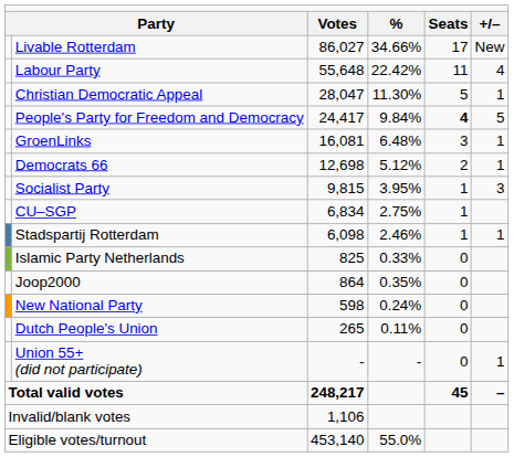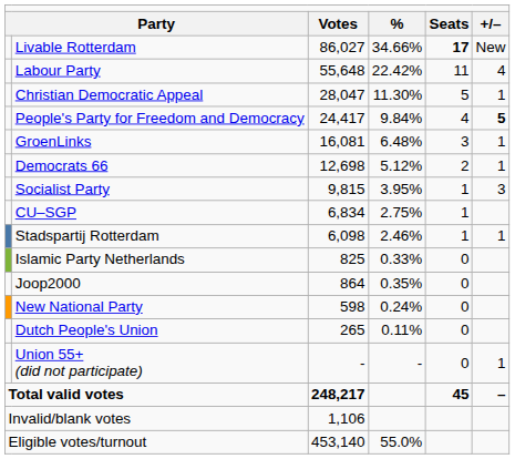 <table class="wikitable floatright" style="font-size:100%; text-align:right;">
 <tr>
 <td colspan="12" align="center"></td>
 </tr>
 <tr>
 <th colspan="2">Party</th>
 <th>Votes</th>
 <th>%</th>
 <th>Seats</th>
 <th>+/–</th>
 </tr>
 <tr>
 <td style="background:"></td>
 <td align="left"><a href='#'>Livable Rotterdam</a></td>
 <td>86,027</td>
 <td>34.66%</td>
-<td>17</td>
+<td><strong>17</strong></td>
 <td>New</td>
 </tr>
 <tr>
 <td style="background:"></td>
 <td align="left"><a href='#'>Labour Party</a></td>
 <td>55,648</td>
 <td>22.42%</td>
 <td>11</td>
 <td>4</td>
 </tr>
 <tr>
 <td style="background:"></td>
 <td align="left"><a href='#'>Christian Democratic Appeal</a></td>
 <td>28,047</td>
 <td>11.30%</td>
 <td>5</td>
 <td>1</td>
 </tr>
 <tr>
 <td style="background:"></td>
 <td align="left"><a href='#'>People's Party for Freedom and Democracy</a></td>
 <td>24,417</td>
 <td>9.84%</td>
-<td><strong>4</strong></td>
-<td>5</td>
+<td>4</td>
+<td><strong>5</strong></td>
 </tr>
 <tr>
 <td style="background:"></td>
 <td align="left"><a href='#'>GroenLinks</a></td>
 <td>16,081</td>
 <td>6.48%</td>
 <td>3</td>
 <td>1</td>
 </tr>
 <tr>
 <td style="background:"></td>
 <td align="left"><a href='#'>Democrats 66</a></td>
 <td>12,698</td>
 <td>5.12%</td>
 <td>2</td>
 <td>1</td>
 </tr>
 <tr>
 <td style="background:"></td>
 <td align="left"><a href='#'>Socialist Party</a></td>
 <td>9,815</td>
 <td>3.95%</td>
 <td>1</td>
 <td>3</td>
 </tr>
 <tr>
 <td style="background:"></td>
 <td align="left"><a href='#'>CU–SGP</a></td>
 <td>6,834</td>
 <td>2.75%</td>
 <td>1</td>
 <td></td>
 </tr>
 <tr>
 <td style="background:#4878a8;"></td>
 <td align="left">Stadspartij Rotterdam</td>
 <td>6,098</td>
 <td>2.46%</td>
 <td>1</td>
 <td>1</td>
 </tr>
 <tr>
 <td style="background:#7EB439;"></td>
 <td align="left">Islamic Party Netherlands</td>
 <td>825</td>
 <td>0.33%</td>
 <td>0</td>
 <td></td>
 </tr>
 <tr>
 <td></td>
 <td align="left">Joop2000</td>
 <td>864</td>
 <td>0.35%</td>
 <td>0</td>
 <td></td>
 </tr>
 <tr>
 <td style="background:#FF9A00;"></td>
 <td align="left"><a href='#'>New National Party</a></td>
 <td>598</td>
 <td>0.24%</td>
 <td>0</td>
 <td></td>
 </tr>
 <tr>
 <td style="background:"></td>
 <td align="left"><a href='#'>Dutch People's Union</a></td>
 <td>265</td>
 <td>0.11%</td>
 <td>0</td>
 <td></td>
 </tr>
 <tr>
 <td style="background:"></td>
 <td align="left"><a href='#'>Union 55+</a><br><em>(did not participate)</em></td>
 <td>-</td>
 <td>-</td>
 <td>0</td>
 <td>1</td>
 </tr>
 <tr style="font-weight:bold">
 <td colspan="2" align="left">Total valid votes</td>
 <td>248,217</td>
 <td></td>
 <td>45</td>
 <td>–</td>
 </tr>
 <tr>
 <td colspan="2" align="left">Invalid/blank votes</td>
 <td>1,106</td>
 <td></td>
 <td></td>
 <td></td>
 </tr>
 <tr>
 <td colspan="2" align="left">Eligible votes/turnout</td>
 <td>453,140</td>
 <td>55.0%</td>
 <td></td>
 <td></td>
 </tr>
 </table>
